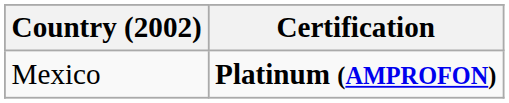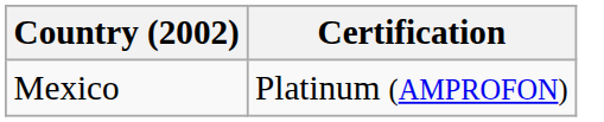 <table class="wikitable sortable">
 <tr>
 <th>Country (2002)</th>
 <th>Certification</th>
 </tr>
 <tr>
 <td>Mexico</td>
-<td style="text-align:center;"><strong>Platinum <small>(<a href='#'>AMPROFON</a>)</small></strong></td>
+<td style="text-align:center;">Platinum <small>(<a href='#'>AMPROFON</a>)</small></td>
 </tr>
 </table>
